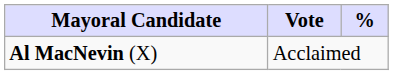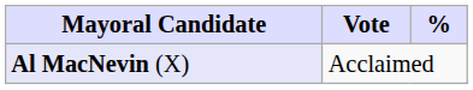 <table class="wikitable">
 <tr>
 <th style="background:#ddf; width:200px;">Mayoral Candidate</th>
 <th style="background:#ddf; width:50px;">Vote</th>
 <th style="background:#ddf; width:30px;">%</th>
 </tr>
 <tr>
-<td><strong>Al MacNevin</strong> (X)</td>
+<td style="background: lavender;"><strong>Al MacNevin</strong> (X)</td>
 <td colspan="2">Acclaimed</td>
 </tr>
 </table>
